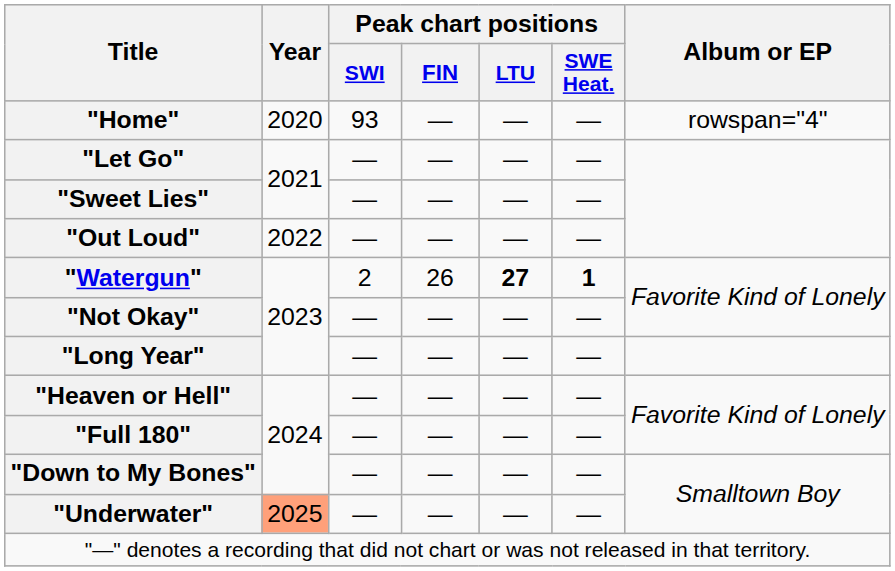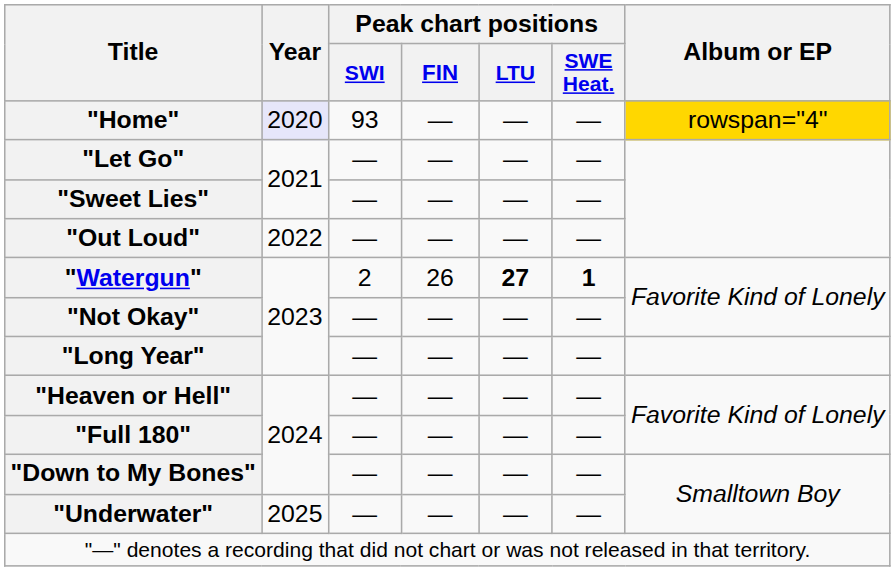 <table class="wikitable plainrowheaders" style="text-align:center;">
 <tr>
 <th scope="col" rowspan="2">Title</th>
 <th scope="col" rowspan="2">Year</th>
 <th scope="col" colspan="4">Peak chart positions</th>
 <th scope="col" rowspan="2">Album or EP</th>
 </tr>
 <tr>
 <th style="width:3em;font-size:85%"><a href='#'>SWI</a><br></th>
 <th style="width:3em;font-size:90%;"><a href='#'>FIN</a><br></th>
 <th style="width:3em;font-size:85%;"><a href='#'>LTU</a><br></th>
 <th style="width:3em;font-size:85%;"><a href='#'>SWE<br>Heat.</a><br></th>
 </tr>
 <tr>
 <th scope="row">"Home"</th>
-<td>2020</td>
+<td style="background: lavender;">2020</td>
 <td>93</td>
 <td>—</td>
 <td>—</td>
 <td>—</td>
-<td>rowspan="4" </td>
+<td style="background: gold;">rowspan="4" </td>
 </tr>
 <tr>
 <th scope="row">"Let Go"</th>
 <td rowspan="2">2021</td>
 <td>—</td>
 <td>—</td>
 <td>—</td>
 <td>—</td>
 </tr>
 <tr>
 <th scope="row">"Sweet Lies"</th>
 <td>—</td>
 <td>—</td>
 <td>—</td>
 <td>—</td>
 </tr>
 <tr>
 <th scope="row">"Out Loud"</th>
 <td>2022</td>
 <td>—</td>
 <td>—</td>
 <td>—</td>
 <td>—</td>
 </tr>
 <tr>
 <th scope="row">"<a href='#'>Watergun</a>"</th>
 <td rowspan="3">2023</td>
 <td>2</td>
 <td>26</td>
 <td><strong>27</strong></td>
 <td><strong>1</strong></td>
 <td rowspan="2"><em>Favorite Kind of Lonely</em></td>
 </tr>
 <tr>
 <th scope="row">"Not Okay"</th>
 <td>—</td>
 <td>—</td>
 <td>—</td>
 <td>—</td>
 </tr>
 <tr>
 <th scope="row">"Long Year"</th>
 <td>—</td>
 <td>—</td>
 <td>—</td>
 <td>—</td>
 <td></td>
 </tr>
 <tr>
 <th scope="row">"Heaven or Hell"</th>
 <td rowspan="3">2024</td>
 <td>—</td>
 <td>—</td>
 <td>—</td>
 <td>—</td>
 <td rowspan="2"><em>Favorite Kind of Lonely</em></td>
 </tr>
 <tr>
 <th scope="row">"Full 180"</th>
 <td>—</td>
 <td>—</td>
 <td>—</td>
 <td>—</td>
 </tr>
 <tr>
 <th scope="row">"Down to My Bones"</th>
 <td>—</td>
 <td>—</td>
 <td>—</td>
 <td>—</td>
 <td rowspan="2"><em>Smalltown Boy</em></td>
 </tr>
 <tr>
 <th scope="row">"Underwater"</th>
-<td style="background: lightsalmon;">2025</td>
+<td>2025</td>
 <td>—</td>
 <td>—</td>
 <td>—</td>
 <td>—</td>
 </tr>
 <tr>
 <td colspan="7" style="font-size:85%">"—" denotes a recording that did not chart or was not released in that territory.</td>
 </tr>
 </table>
